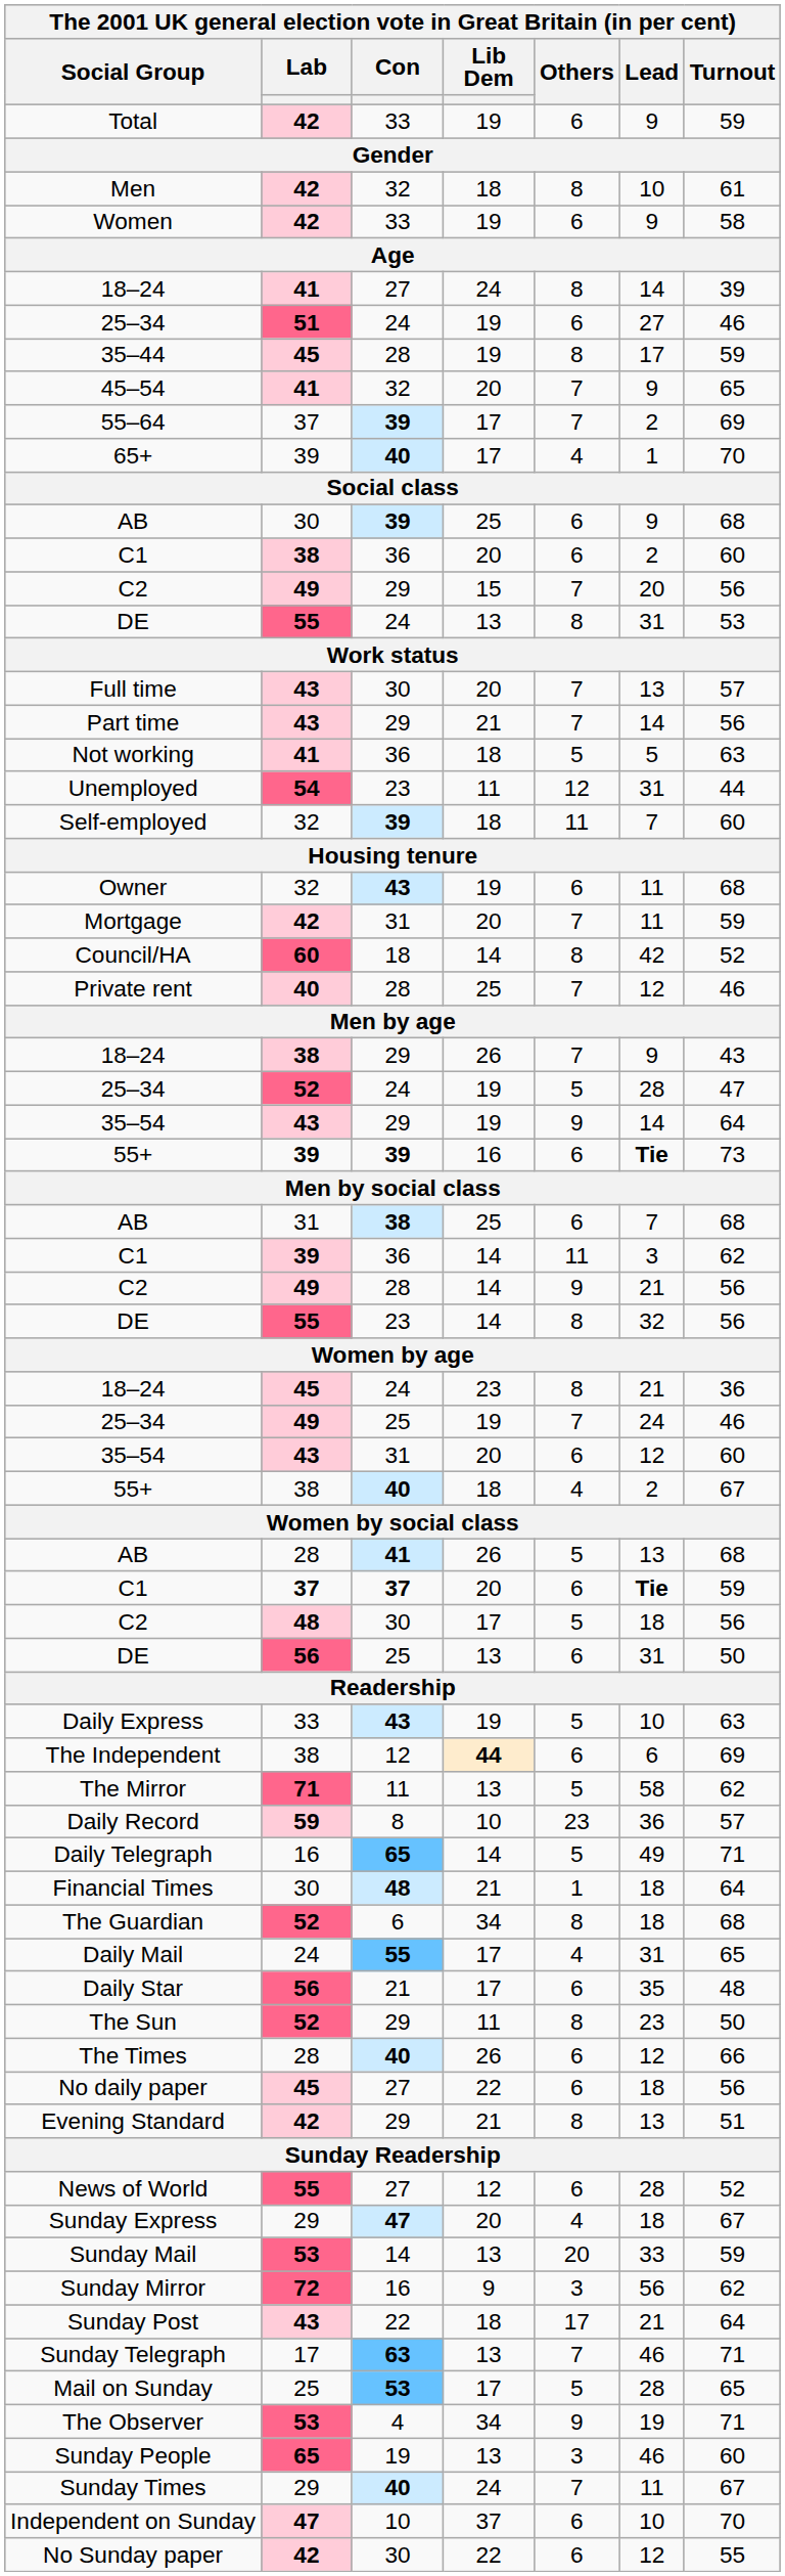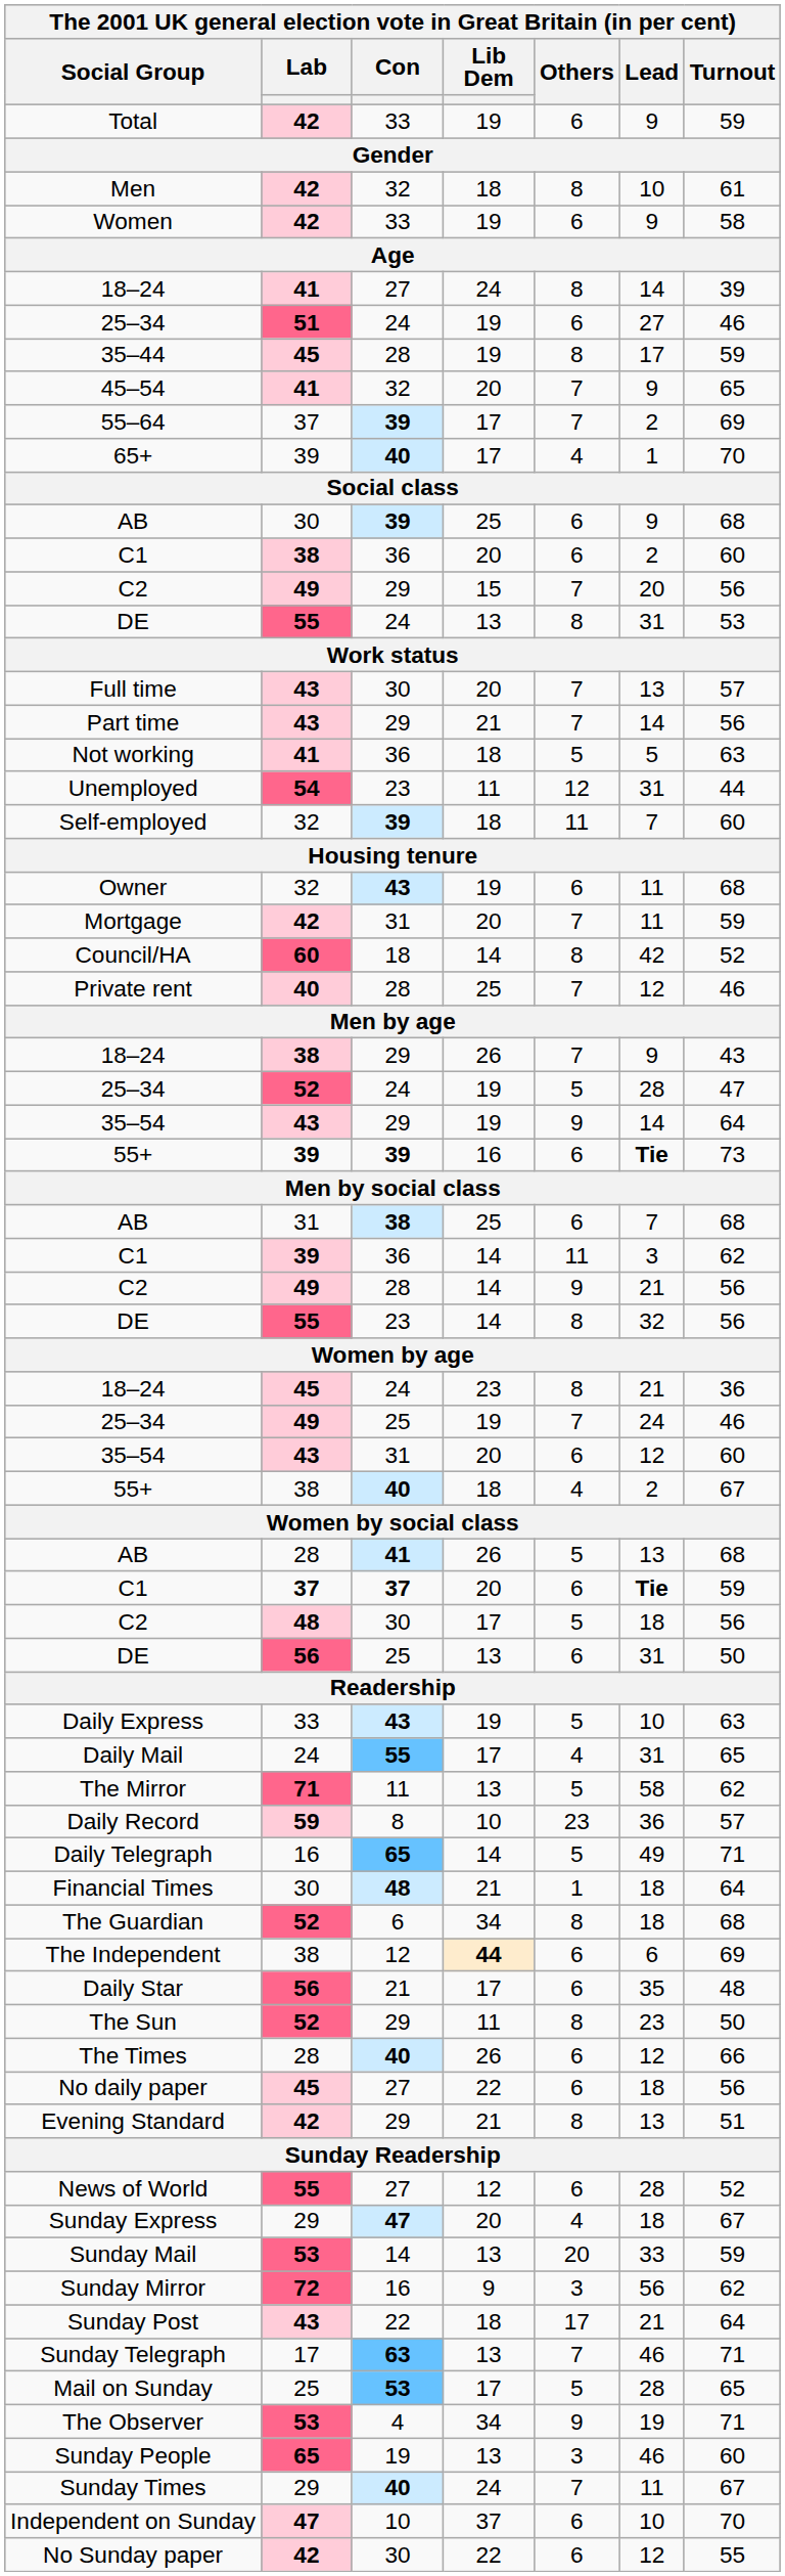 <table class="wikitable sortable mw-datatable" style="text-align:center;font-size:90%;line-height:14px;">
 <tr>
 <th colspan=7>The 2001 UK general election vote in Great Britain (in per cent)</th>
 </tr>
 <tr>
 <th rowspan=2>Social Group</th>
 <th class="unsortable" style="width:50px;">Lab</th>
 <th class="unsortable" style="width:50px;">Con</th>
 <th class="unsortable" style="width:50px;">Lib Dem</th>
 <th rowspan=2>Others</th>
 <th rowspan=2>Lead</th>
 <th rowspan=2>Turnout</th>
 </tr>
 <tr>
 <th data-sort-type="number" style="background:"></th>
 <th data-sort-type="number" style="background:"></th>
 <th data-sort-type="number" style="background:"></th>
 </tr>
 <tr>
 <td>Total</td>
 <td style="background:#FFCCD9;color:black"><strong>42</strong></td>
 <td>33</td>
 <td>19</td>
 <td>6</td>
 <td style="background:">9</td>
 <td>59</td>
 </tr>
 <tr>
 <th colspan=7>Gender</th>
 </tr>
 <tr>
 <td>Men</td>
 <td style="background:#FFCCD9;color:black"><strong>42</strong></td>
 <td>32</td>
 <td>18</td>
 <td>8</td>
 <td style="background:">10</td>
 <td>61</td>
 </tr>
 <tr>
 <td>Women</td>
 <td style="background:#FFCCD9;color:black"><strong>42</strong></td>
 <td>33</td>
 <td>19</td>
 <td>6</td>
 <td style="background:">9</td>
 <td>58</td>
 </tr>
 <tr>
 <th colspan=7>Age</th>
 </tr>
 <tr>
 <td>18–24</td>
 <td style="background:#FFCCD9;color:black"><strong>41</strong></td>
 <td>27</td>
 <td>24</td>
 <td>8</td>
 <td style="background:">14</td>
 <td>39</td>
 </tr>
 <tr>
 <td>25–34</td>
 <td style="background:#FF668C;color:black"><strong>51</strong></td>
 <td>24</td>
 <td>19</td>
 <td>6</td>
 <td style="background:">27</td>
 <td>46</td>
 </tr>
 <tr>
 <td>35–44</td>
 <td style="background:#FFCCD9;color:black"><strong>45</strong></td>
 <td>28</td>
 <td>19</td>
 <td>8</td>
 <td style="background:">17</td>
 <td>59</td>
 </tr>
 <tr>
 <td>45–54</td>
 <td style="background:#FFCCD9;color:black"><strong>41</strong></td>
 <td>32</td>
 <td>20</td>
 <td>7</td>
 <td style="background:">9</td>
 <td>65</td>
 </tr>
 <tr>
 <td>55–64</td>
 <td>37</td>
 <td style="background:#CCEBFF;color:black"><strong>39</strong></td>
 <td>17</td>
 <td>7</td>
 <td style="background:">2</td>
 <td>69</td>
 </tr>
 <tr>
 <td>65+</td>
 <td>39</td>
 <td style="background:#CCEBFF;color:black"><strong>40</strong></td>
 <td>17</td>
 <td>4</td>
 <td style="background:">1</td>
 <td>70</td>
 </tr>
 <tr>
 <th colspan=7>Social class</th>
 </tr>
 <tr>
 <td>AB</td>
 <td>30</td>
 <td style="background:#CCEBFF;color:black"><strong>39</strong></td>
 <td>25</td>
 <td>6</td>
 <td style="background:">9</td>
 <td>68</td>
 </tr>
 <tr>
 <td>C1</td>
 <td style="background:#FFCCD9;color:black"><strong>38</strong></td>
 <td>36</td>
 <td>20</td>
 <td>6</td>
 <td style="background:">2</td>
 <td>60</td>
 </tr>
 <tr>
 <td>C2</td>
 <td style="background:#FFCCD9;color:black"><strong>49</strong></td>
 <td>29</td>
 <td>15</td>
 <td>7</td>
 <td style="background:">20</td>
 <td>56</td>
 </tr>
 <tr>
 <td>DE</td>
 <td style="background:#FF668C;color:black"><strong>55</strong></td>
 <td>24</td>
 <td>13</td>
 <td>8</td>
 <td style="background:">31</td>
 <td>53</td>
 </tr>
 <tr>
 <th colspan=7>Work status</th>
 </tr>
 <tr>
 <td>Full time</td>
 <td style="background:#FFCCD9;color:black"><strong>43</strong></td>
 <td>30</td>
 <td>20</td>
 <td>7</td>
 <td style="background:">13</td>
 <td>57</td>
 </tr>
 <tr>
 <td>Part time</td>
 <td style="background:#FFCCD9;color:black"><strong>43</strong></td>
 <td>29</td>
 <td>21</td>
 <td>7</td>
 <td style="background:">14</td>
 <td>56</td>
 </tr>
 <tr>
 <td>Not working</td>
 <td style="background:#FFCCD9;color:black"><strong>41</strong></td>
 <td>36</td>
 <td>18</td>
 <td>5</td>
 <td style="background:">5</td>
 <td>63</td>
 </tr>
 <tr>
 <td>Unemployed</td>
 <td style="background:#FF668C;color:black"><strong>54</strong></td>
 <td>23</td>
 <td>11</td>
 <td>12</td>
 <td style="background:">31</td>
 <td>44</td>
 </tr>
 <tr>
 <td>Self-employed</td>
 <td>32</td>
 <td style="background:#CCEBFF;color:black"><strong>39</strong></td>
 <td>18</td>
 <td>11</td>
 <td style="background:">7</td>
 <td>60</td>
 </tr>
 <tr>
 <th colspan=7>Housing tenure</th>
 </tr>
 <tr>
 <td>Owner</td>
 <td>32</td>
 <td style="background:#CCEBFF;color:black"><strong>43</strong></td>
 <td>19</td>
 <td>6</td>
 <td style="background:">11</td>
 <td>68</td>
 </tr>
 <tr>
 <td>Mortgage</td>
 <td style="background:#FFCCD9;color:black"><strong>42</strong></td>
 <td>31</td>
 <td>20</td>
 <td>7</td>
 <td style="background:">11</td>
 <td>59</td>
 </tr>
 <tr>
 <td>Council/HA</td>
 <td style="background:#FF668C;color:black"><strong>60</strong></td>
 <td>18</td>
 <td>14</td>
 <td>8</td>
 <td style="background:">42</td>
 <td>52</td>
 </tr>
 <tr>
 <td>Private rent</td>
 <td style="background:#FFCCD9;color:black"><strong>40</strong></td>
 <td>28</td>
 <td>25</td>
 <td>7</td>
 <td style="background:">12</td>
 <td>46</td>
 </tr>
 <tr>
 <th colspan=7>Men by age</th>
 </tr>
 <tr>
 <td>18–24</td>
 <td style="background:#FFCCD9;color:black"><strong>38</strong></td>
 <td>29</td>
 <td>26</td>
 <td>7</td>
 <td style="background:">9</td>
 <td>43</td>
 </tr>
 <tr>
 <td>25–34</td>
 <td style="background:#FF668C;color:black"><strong>52</strong></td>
 <td>24</td>
 <td>19</td>
 <td>5</td>
 <td style="background:">28</td>
 <td>47</td>
 </tr>
 <tr>
 <td>35–54</td>
 <td style="background:#FFCCD9;color:black"><strong>43</strong></td>
 <td>29</td>
 <td>19</td>
 <td>9</td>
 <td style="background:">14</td>
 <td>64</td>
 </tr>
 <tr>
 <td>55+</td>
 <td><strong>39</strong></td>
 <td><strong>39</strong></td>
 <td>16</td>
 <td>6</td>
 <td><strong>Tie</strong></td>
 <td>73</td>
 </tr>
 <tr>
 <th colspan=7>Men by social class</th>
 </tr>
 <tr>
 <td>AB</td>
 <td>31</td>
 <td style="background:#CCEBFF;color:black"><strong>38</strong></td>
 <td>25</td>
 <td>6</td>
 <td style="background:">7</td>
 <td>68</td>
 </tr>
 <tr>
 <td>C1</td>
 <td style="background:#FFCCD9;color:black"><strong>39</strong></td>
 <td>36</td>
 <td>14</td>
 <td>11</td>
 <td style="background:">3</td>
 <td>62</td>
 </tr>
 <tr>
 <td>C2</td>
 <td style="background:#FFCCD9;color:black"><strong>49</strong></td>
 <td>28</td>
 <td>14</td>
 <td>9</td>
 <td style="background:">21</td>
 <td>56</td>
 </tr>
 <tr>
 <td>DE</td>
 <td style="background:#FF668C;color:black"><strong>55</strong></td>
 <td>23</td>
 <td>14</td>
 <td>8</td>
 <td style="background:">32</td>
 <td>56</td>
 </tr>
 <tr>
 <th colspan=7>Women by age</th>
 </tr>
 <tr>
 <td>18–24</td>
 <td style="background:#FFCCD9;color:black"><strong>45</strong></td>
 <td>24</td>
 <td>23</td>
 <td>8</td>
 <td style="background:">21</td>
 <td>36</td>
 </tr>
 <tr>
 <td>25–34</td>
 <td style="background:#FFCCD9;color:black"><strong>49</strong></td>
 <td>25</td>
 <td>19</td>
 <td>7</td>
 <td style="background:">24</td>
 <td>46</td>
 </tr>
 <tr>
 <td>35–54</td>
 <td style="background:#FFCCD9;color:black"><strong>43</strong></td>
 <td>31</td>
 <td>20</td>
 <td>6</td>
 <td style="background:">12</td>
 <td>60</td>
 </tr>
 <tr>
 <td>55+</td>
 <td>38</td>
 <td style="background:#CCEBFF;color:black"><strong>40</strong></td>
 <td>18</td>
 <td>4</td>
 <td style="background:">2</td>
 <td>67</td>
 </tr>
 <tr>
 <th colspan=7>Women by social class</th>
 </tr>
 <tr>
 <td>AB</td>
 <td>28</td>
 <td style="background:#CCEBFF;color:black"><strong>41</strong></td>
 <td>26</td>
 <td>5</td>
 <td style="background:">13</td>
 <td>68</td>
 </tr>
 <tr>
 <td>C1</td>
 <td><strong>37</strong></td>
 <td><strong>37</strong></td>
 <td>20</td>
 <td>6</td>
 <td><strong>Tie</strong></td>
 <td>59</td>
 </tr>
 <tr>
 <td>C2</td>
 <td style="background:#FFCCD9;color:black"><strong>48</strong></td>
 <td>30</td>
 <td>17</td>
 <td>5</td>
 <td style="background:">18</td>
 <td>56</td>
 </tr>
 <tr>
 <td>DE</td>
 <td style="background:#FF668C;color:black"><strong>56</strong></td>
 <td>25</td>
 <td>13</td>
 <td>6</td>
 <td style="background:">31</td>
 <td>50</td>
 </tr>
 <tr>
 <th colspan=7>Readership</th>
 </tr>
 <tr>
 <td>Daily Express</td>
 <td>33</td>
 <td style="background:#CCEBFF;color:black"><strong>43</strong></td>
 <td>19</td>
 <td>5</td>
 <td style="background:">10</td>
 <td>63</td>
 </tr>
 <tr>
-<td>The Independent</td>
-<td>38</td>
-<td>12</td>
-<td style="background:#FEECCD;color:black"><strong>44</strong></td>
-<td>6</td>
-<td style="background:">6</td>
-<td>69</td>
+<td>Daily Mail</td>
+<td>24</td>
+<td style="background:#66C2FF;color:black"><strong>55</strong></td>
+<td>17</td>
+<td>4</td>
+<td style="background:">31</td>
+<td>65</td>
 </tr>
 <tr>
 <td>The Mirror</td>
 <td style="background:#FF668C;color:black"><strong>71</strong></td>
 <td>11</td>
 <td>13</td>
 <td>5</td>
 <td style="background:">58</td>
 <td>62</td>
 </tr>
 <tr>
 <td>Daily Record</td>
 <td style="background:#FFCCD9;color:black"><strong>59</strong></td>
 <td>8</td>
 <td>10</td>
 <td>23</td>
 <td style="background:">36</td>
 <td>57</td>
 </tr>
 <tr>
 <td>Daily Telegraph</td>
 <td>16</td>
 <td style="background:#66C2FF;color:black"><strong>65</strong></td>
 <td>14</td>
 <td>5</td>
 <td style="background:">49</td>
 <td>71</td>
 </tr>
 <tr>
 <td>Financial Times</td>
 <td>30</td>
 <td style="background:#CCEBFF;color:black"><strong>48</strong></td>
 <td>21</td>
 <td>1</td>
 <td style="background:">18</td>
 <td>64</td>
 </tr>
 <tr>
 <td>The Guardian</td>
 <td style="background:#FF668C;color:black"><strong>52</strong></td>
 <td>6</td>
 <td>34</td>
 <td>8</td>
 <td style="background:">18</td>
 <td>68</td>
 </tr>
 <tr>
-<td>Daily Mail</td>
-<td>24</td>
-<td style="background:#66C2FF;color:black"><strong>55</strong></td>
-<td>17</td>
-<td>4</td>
-<td style="background:">31</td>
-<td>65</td>
+<td>The Independent</td>
+<td>38</td>
+<td>12</td>
+<td style="background:#FEECCD;color:black"><strong>44</strong></td>
+<td>6</td>
+<td style="background:">6</td>
+<td>69</td>
 </tr>
 <tr>
 <td>Daily Star</td>
 <td style="background:#FF668C;color:black"><strong>56</strong></td>
 <td>21</td>
 <td>17</td>
 <td>6</td>
 <td style="background:">35</td>
 <td>48</td>
 </tr>
 <tr>
 <td>The Sun</td>
 <td style="background:#FF668C;color:black"><strong>52</strong></td>
 <td>29</td>
 <td>11</td>
 <td>8</td>
 <td style="background:">23</td>
 <td>50</td>
 </tr>
 <tr>
 <td>The Times</td>
 <td>28</td>
 <td style="background:#CCEBFF;color:black"><strong>40</strong></td>
 <td>26</td>
 <td>6</td>
 <td style="background:">12</td>
 <td>66</td>
 </tr>
 <tr>
 <td>No daily paper</td>
 <td style="background:#FFCCD9;color:black"><strong>45</strong></td>
 <td>27</td>
 <td>22</td>
 <td>6</td>
 <td style="background:">18</td>
 <td>56</td>
 </tr>
 <tr>
 <td>Evening Standard</td>
 <td style="background:#FFCCD9;color:black"><strong>42</strong></td>
 <td>29</td>
 <td>21</td>
 <td>8</td>
 <td style="background:">13</td>
 <td>51</td>
 </tr>
 <tr>
 <th colspan=7>Sunday Readership</th>
 </tr>
 <tr>
 <td>News of World</td>
 <td style="background:#FF668C;color:black"><strong>55</strong></td>
 <td>27</td>
 <td>12</td>
 <td>6</td>
 <td style="background:">28</td>
 <td>52</td>
 </tr>
 <tr>
 <td>Sunday Express</td>
 <td>29</td>
 <td style="background:#CCEBFF;color:black"><strong>47</strong></td>
 <td>20</td>
 <td>4</td>
 <td style="background:">18</td>
 <td>67</td>
 </tr>
 <tr>
 <td>Sunday Mail</td>
 <td style="background:#FF668C;color:black"><strong>53</strong></td>
 <td>14</td>
 <td>13</td>
 <td>20</td>
 <td style="background:">33</td>
 <td>59</td>
 </tr>
 <tr>
 <td>Sunday Mirror</td>
 <td style="background:#FF668C;color:black"><strong>72</strong></td>
 <td>16</td>
 <td>9</td>
 <td>3</td>
 <td style="background:">56</td>
 <td>62</td>
 </tr>
 <tr>
 <td>Sunday Post</td>
 <td style="background:#FFCCD9;color:black"><strong>43</strong></td>
 <td>22</td>
 <td>18</td>
 <td>17</td>
 <td style="background:">21</td>
 <td>64</td>
 </tr>
 <tr>
 <td>Sunday Telegraph</td>
 <td>17</td>
 <td style="background:#66C2FF;color:black"><strong>63</strong></td>
 <td>13</td>
 <td>7</td>
 <td style="background:">46</td>
 <td>71</td>
 </tr>
 <tr>
 <td>Mail on Sunday</td>
 <td>25</td>
 <td style="background:#66C2FF;color:black"><strong>53</strong></td>
 <td>17</td>
 <td>5</td>
 <td style="background:">28</td>
 <td>65</td>
 </tr>
 <tr>
 <td>The Observer</td>
 <td style="background:#FF668C;color:black"><strong>53</strong></td>
 <td>4</td>
 <td>34</td>
 <td>9</td>
 <td style="background:">19</td>
 <td>71</td>
 </tr>
 <tr>
 <td>Sunday People</td>
 <td style="background:#FF668C;color:black"><strong>65</strong></td>
 <td>19</td>
 <td>13</td>
 <td>3</td>
 <td style="background:">46</td>
 <td>60</td>
 </tr>
 <tr>
 <td>Sunday Times</td>
 <td>29</td>
 <td style="background:#CCEBFF;color:black"><strong>40</strong></td>
 <td>24</td>
 <td>7</td>
 <td style="background:">11</td>
 <td>67</td>
 </tr>
 <tr>
 <td>Independent on Sunday</td>
 <td style="background:#FFCCD9;color:black"><strong>47</strong></td>
 <td>10</td>
 <td>37</td>
 <td>6</td>
 <td style="background:">10</td>
 <td>70</td>
 </tr>
 <tr>
 <td>No Sunday paper</td>
 <td style="background:#FFCCD9;color:black"><strong>42</strong></td>
 <td>30</td>
 <td>22</td>
 <td>6</td>
 <td style="background:">12</td>
 <td>55</td>
 </tr>
 </table>
